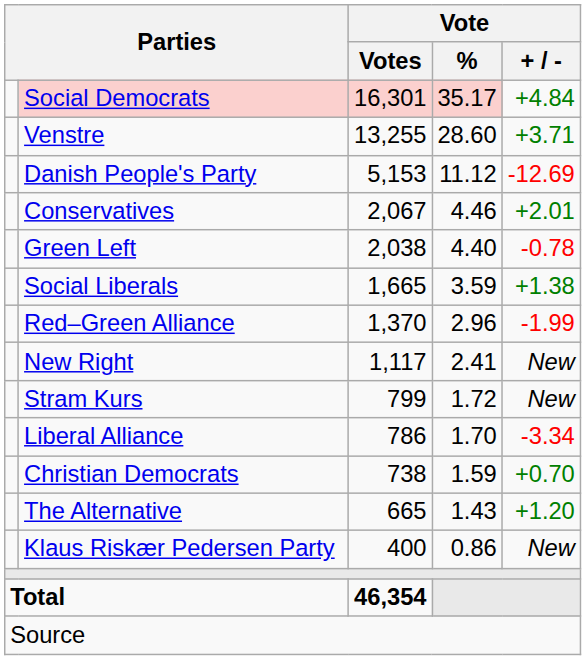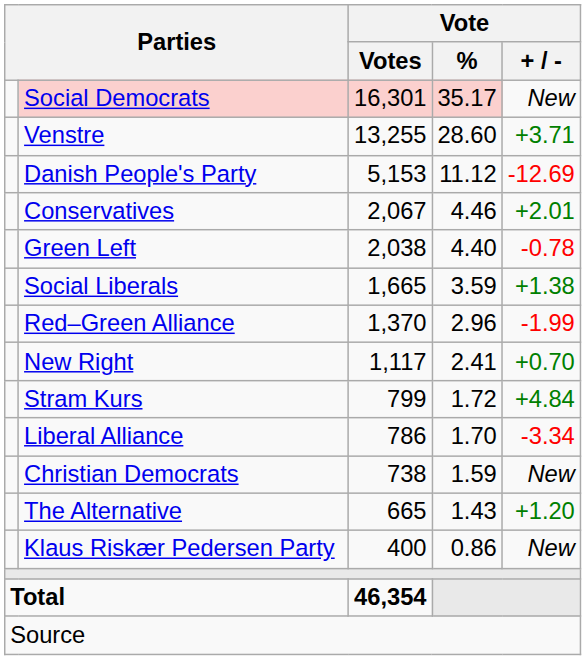 <table class="wikitable" style="text-align:right;">
 <tr>
 <th style="text-align:centre;" rowspan="2" colspan="2" width="225">Parties</th>
 <th colspan="3">Vote</th>
 </tr>
 <tr>
 <th width="15">Votes</th>
 <th width="15">%</th>
 <th width="15">+ / -</th>
 </tr>
 <tr>
 <td width="2" style="color:inherit;background:"></td>
 <td bgcolor=#fbd0ce  align="left"><a href='#'>Social Democrats</a></td>
 <td bgcolor=#fbd0ce>16,301</td>
 <td bgcolor=#fbd0ce>35.17</td>
-<td style=color:green;>+4.84</td>
+<td><em>New</em></td>
 </tr>
 <tr>
 <td width="2" style="color:inherit;background:"></td>
 <td align="left"><a href='#'>Venstre</a></td>
 <td>13,255</td>
 <td>28.60</td>
 <td style=color:green;>+3.71</td>
 </tr>
 <tr>
 <td width="2" style="color:inherit;background:"></td>
 <td align="left"><a href='#'>Danish People's Party</a></td>
 <td>5,153</td>
 <td>11.12</td>
 <td style=color:red;>-12.69</td>
 </tr>
 <tr>
 <td width="2" style="color:inherit;background:"></td>
 <td align="left"><a href='#'>Conservatives</a></td>
 <td>2,067</td>
 <td>4.46</td>
 <td style=color:green;>+2.01</td>
 </tr>
 <tr>
 <td width="2" style="color:inherit;background:"></td>
 <td align="left"><a href='#'>Green Left</a></td>
 <td>2,038</td>
 <td>4.40</td>
 <td style=color:red;>-0.78</td>
 </tr>
 <tr>
 <td width="2" style="color:inherit;background:"></td>
 <td align="left"><a href='#'>Social Liberals</a></td>
 <td>1,665</td>
 <td>3.59</td>
 <td style=color:green;>+1.38</td>
 </tr>
 <tr>
 <td width="2" style="color:inherit;background:"></td>
 <td align="left"><a href='#'>Red–Green Alliance</a></td>
 <td>1,370</td>
 <td>2.96</td>
 <td style=color:red;>-1.99</td>
 </tr>
 <tr>
 <td width="2" style="color:inherit;background:"></td>
 <td align="left"><a href='#'>New Right</a></td>
 <td>1,117</td>
 <td>2.41</td>
-<td><em>New</em></td>
+<td style=color:green;>+0.70</td>
 </tr>
 <tr>
 <td width="2" style="color:inherit;background:"></td>
 <td align="left"><a href='#'>Stram Kurs</a></td>
 <td>799</td>
 <td>1.72</td>
-<td><em>New</em></td>
+<td style=color:green;>+4.84</td>
 </tr>
 <tr>
 <td width="2" style="color:inherit;background:"></td>
 <td align="left"><a href='#'>Liberal Alliance</a></td>
 <td>786</td>
 <td>1.70</td>
 <td style=color:red;>-3.34</td>
 </tr>
 <tr>
 <td width="2" style="color:inherit;background:"></td>
 <td align="left"><a href='#'>Christian Democrats</a></td>
 <td>738</td>
 <td>1.59</td>
-<td style=color:green;>+0.70</td>
+<td><em>New</em></td>
 </tr>
 <tr>
 <td width="2" style="color:inherit;background:"></td>
 <td align="left"><a href='#'>The Alternative</a></td>
 <td>665</td>
 <td>1.43</td>
 <td style=color:green;>+1.20</td>
 </tr>
 <tr>
 <td width="2" style="color:inherit;background:"></td>
 <td align="left"><a href='#'>Klaus Riskær Pedersen Party</a></td>
 <td>400</td>
 <td>0.86</td>
 <td><em>New</em></td>
 </tr>
 <tr>
 <td colspan="7" bgcolor="#E9E9E9"></td>
 </tr>
 <tr>
 <td align="left" colspan="2"><strong>Total</strong></td>
 <td><strong>46,354</strong></td>
 <td bgcolor="#E9E9E9" colspan="2"></td>
 </tr>
 <tr>
 <td align="left" colspan="6">Source</td>
 </tr>
 </table>
